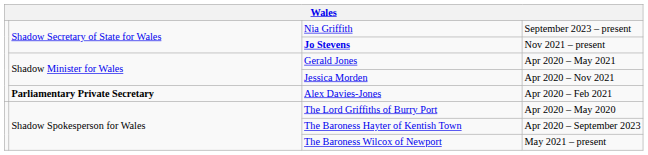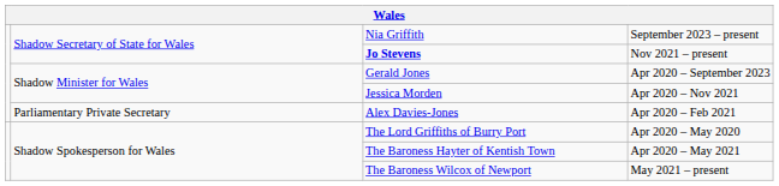 <table class="wikitable">
 <tr>
 <th colspan="4"><a href='#'>Wales</a></th>
 </tr>
 <tr>
 <td rowspan="5" style="background: "></td>
 <td rowspan="2" style="width: 450px;"><a href='#'>Shadow Secretary of State for Wales</a></td>
 <td style="width: 337px;"><a href='#'>Nia Griffith</a></td>
 <td>September 2023 – present</td>
 </tr>
 <tr>
 <td><strong><a href='#'>Jo Stevens</a></strong></td>
 <td>Nov 2021 – present</td>
 </tr>
 <tr>
 <td rowspan="2">Shadow <a href='#'>Minister for Wales</a></td>
 <td><a href='#'>Gerald Jones</a></td>
-<td>Apr 2020 – May 2021</td>
+<td>Apr 2020 – September 2023</td>
 </tr>
 <tr>
 <td><a href='#'>Jessica Morden</a></td>
 <td>Apr 2020 – Nov 2021</td>
 </tr>
 <tr>
-<td><strong>Parliamentary Private Secretary</strong></td>
+<td>Parliamentary Private Secretary</td>
 <td><a href='#'>Alex Davies-Jones</a></td>
 <td>Apr 2020 – Feb 2021</td>
 </tr>
 <tr>
 <td rowspan="3" style="background: "></td>
 <td rowspan="3">Shadow Spokesperson for Wales</td>
 <td><a href='#'>The Lord Griffiths of Burry Port</a></td>
 <td>Apr 2020 – May 2020</td>
 </tr>
 <tr>
 <td><a href='#'>The Baroness Hayter of Kentish Town</a></td>
-<td>Apr 2020 – September 2023</td>
+<td>Apr 2020 – May 2021</td>
 </tr>
 <tr>
 <td><a href='#'>The Baroness Wilcox of Newport</a></td>
 <td>May 2021 – present</td>
 </tr>
 </table>
